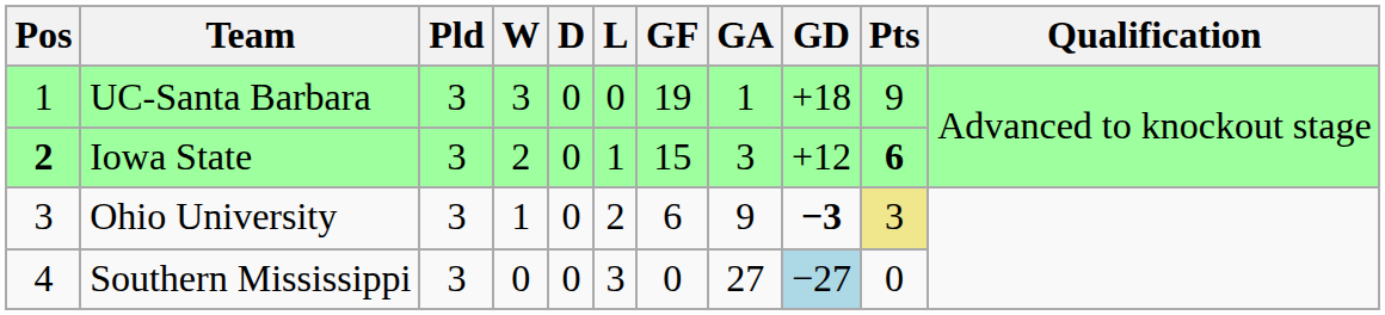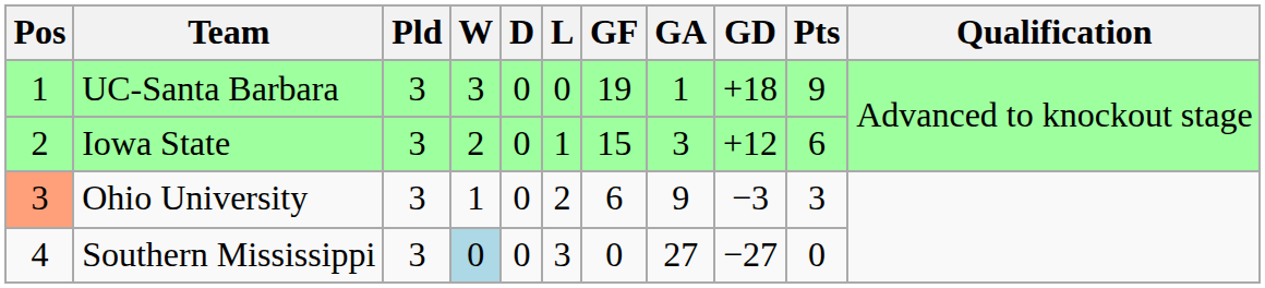 <table class="wikitable" style="text-align:center">
 <tr>
 <th>Pos</th>
 <th>Team</th>
 <th>Pld</th>
 <th>W</th>
 <th>D</th>
 <th>L</th>
 <th>GF</th>
 <th>GA</th>
 <th>GD</th>
 <th>Pts</th>
 <th>Qualification</th>
 </tr>
 <tr bgcolor="#9eff9e">
 <td>1</td>
 <td style="text-align:left">UC-Santa Barbara</td>
 <td>3</td>
 <td>3</td>
 <td>0</td>
 <td>0</td>
 <td>19</td>
 <td>1</td>
 <td>+18</td>
 <td>9</td>
 <td rowspan="2">Advanced to knockout stage</td>
 </tr>
 <tr bgcolor="#9eff9e">
-<td><strong>2</strong></td>
+<td>2</td>
 <td style="text-align:left">Iowa State</td>
 <td>3</td>
 <td>2</td>
 <td>0</td>
 <td>1</td>
 <td>15</td>
 <td>3</td>
 <td>+12</td>
-<td><strong>6</strong></td>
+<td>6</td>
 </tr>
 <tr>
-<td>3</td>
+<td style="background: lightsalmon;">3</td>
 <td style="text-align:left">Ohio University</td>
 <td>3</td>
 <td>1</td>
 <td>0</td>
 <td>2</td>
 <td>6</td>
 <td>9</td>
-<td><strong>−3</strong></td>
-<td style="background: khaki;">3</td>
+<td>−3</td>
+<td>3</td>
 <td rowspan="2"></td>
 </tr>
 <tr>
 <td>4</td>
 <td style="text-align:left">Southern Mississippi</td>
 <td>3</td>
-<td>0</td>
+<td style="background: lightblue;">0</td>
 <td>0</td>
 <td>3</td>
 <td>0</td>
 <td>27</td>
-<td style="background: lightblue;">−27</td>
+<td>−27</td>
 <td>0</td>
 </tr>
 </table>
